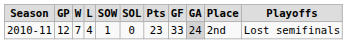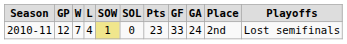 <table class="wikitable">
 <tr style="font-weight:bold; background-color:#dddddd;" align="center" |>
 <td>Season</td>
 <td>GP</td>
 <td>W</td>
 <td>L</td>
 <td>SOW</td>
 <td>SOL</td>
 <td>Pts</td>
 <td>GF</td>
 <td>GA</td>
 <td>Place</td>
 <td>Playoffs</td>
 </tr>
 <tr align="center">
 <td>2010-11</td>
 <td>12</td>
 <td>7</td>
 <td>4</td>
-<td>1</td>
+<td style="background: khaki;">1</td>
 <td>0</td>
 <td>23</td>
 <td>33</td>
-<td style="background: lightgrey;">24</td>
+<td>24</td>
 <td align="left">2nd</td>
 <td>Lost semifinals</td>
 </tr>
 </table>
